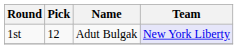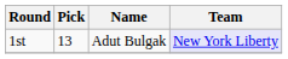 <table class="wikitable" style="font-size: 95%;">
 <tr>
 <th>Round</th>
 <th>Pick</th>
 <th>Name</th>
 <th>Team</th>
 </tr>
 <tr>
 <td>1st</td>
-<td>12</td>
+<td>13</td>
 <td>Adut Bulgak</td>
 <td style="background: lavender;"><a href='#'>New York Liberty</a></td>
 </tr>
 <tr>
 </tr>
 </table>
